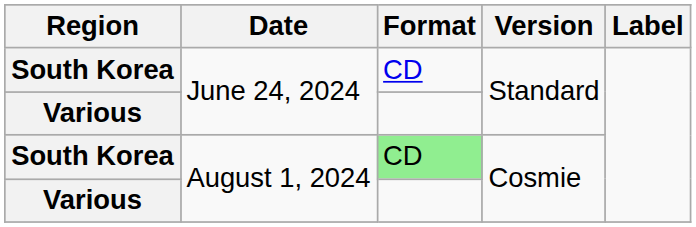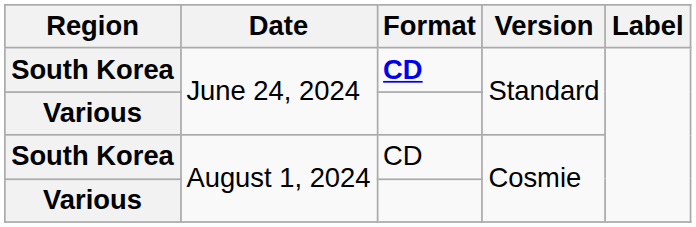 <table class="wikitable plainrowheaders">
 <tr>
 <th scope="col">Region</th>
 <th scope="col">Date</th>
 <th scope="col">Format</th>
 <th scope="col">Version</th>
 <th scope="col">Label</th>
 </tr>
 <tr>
 <th scope="row">South Korea</th>
 <td rowspan="2">June 24, 2024</td>
-<td><a href='#'>CD</a></td>
+<td><strong><a href='#'>CD</a></strong></td>
 <td rowspan="2">Standard</td>
 <td rowspan="4"></td>
 </tr>
 <tr>
 <th scope="row">Various </th>
 <td></td>
 </tr>
 <tr>
 <th scope="row">South Korea</th>
 <td rowspan="2">August 1, 2024</td>
-<td style="background: lightgreen;">CD</td>
+<td>CD</td>
 <td rowspan="2">Cosmie</td>
 </tr>
 <tr>
 <th scope="row">Various </th>
 <td></td>
 </tr>
 </table>
